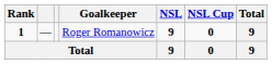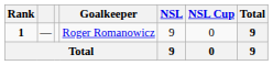 <table class="wikitable sortable" style="text-align:center">
 <tr>
 <th>Rank</th>
 <th></th>
 <th></th>
 <th>Goalkeeper</th>
 <th><a href='#'>NSL</a></th>
 <th><a href='#'>NSL Cup</a></th>
 <th>Total</th>
 </tr>
 <tr>
 <td><strong>1</strong></td>
 <td>—</td>
 <td></td>
 <td align=left><a href='#'>Roger Romanowicz</a></td>
-<td><strong>9</strong></td>
-<td><strong>0</strong></td>
+<td>9</td>
+<td>0</td>
 <th>9</th>
 </tr>
 <tr>
 <th colspan="4"><strong>Total</strong></th>
 <th>9</th>
 <th>0</th>
 <th>9</th>
 </tr>
 </table>
